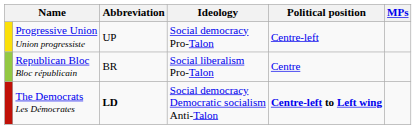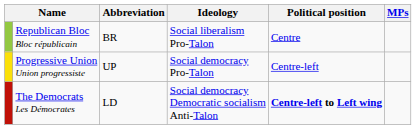 <table class="wikitable">
 <tr>
 <th colspan="2">Name</th>
 <th>Abbreviation</th>
 <th>Ideology</th>
 <th>Political position</th>
 <th><a href='#'>MPs</a></th>
+</tr>
+<tr>
+<th width="5px" style="background-color: #93c842"></th>
+<td><a href='#'>Republican Bloc</a><br><small><em>Bloc républicain</em></small></td>
+<td>BR</td>
+<td><a href='#'>Social liberalism</a><br>Pro-<a href='#'>Talon</a></td>
+<td><a href='#'>Centre</a></td>
+<td></td>
 </tr>
 <tr>
 <th width="5px" style="background-color: #FBE00A"></th>
 <td><a href='#'>Progressive Union</a><br><small><em>Union progressiste</em></small></td>
 <td>UP</td>
 <td><a href='#'>Social democracy</a><br>Pro-<a href='#'>Talon</a></td>
 <td><a href='#'>Centre-left</a></td>
 <td></td>
 </tr>
 <tr>
-<th width="5px" style="background-color: #93c842"></th>
-<td><a href='#'>Republican Bloc</a><br><small><em>Bloc républicain</em></small></td>
-<td>BR</td>
-<td><a href='#'>Social liberalism</a><br>Pro-<a href='#'>Talon</a></td>
-<td><a href='#'>Centre</a></td>
-<td></td>
-</tr>
-<tr>
 <th width="5px" style="background-color: #C01108"></th>
 <td><a href='#'>The Democrats</a><br><small><em>Les Démocrates</em></small></td>
-<td><strong>LD</strong></td>
+<td>LD</td>
 <td><a href='#'>Social democracy</a><br><a href='#'>Democratic socialism</a><br>Anti-<a href='#'>Talon</a></td>
 <td><strong><a href='#'>Centre-left</a> to <a href='#'>Left wing</a></strong></td>
 <td></td>
 </tr>
 </table>
